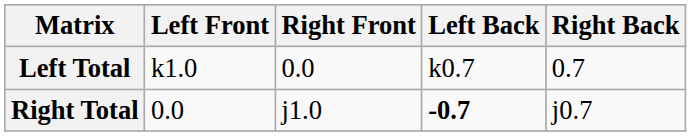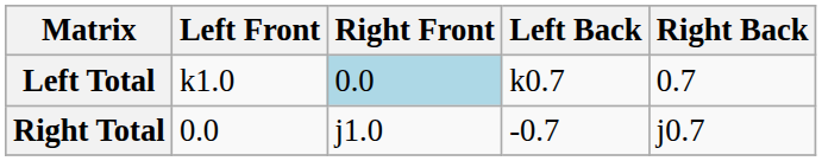 <table class="wikitable">
 <tr>
 <th>Matrix</th>
 <th>Left Front</th>
 <th>Right Front</th>
 <th>Left Back</th>
 <th>Right Back</th>
 </tr>
 <tr>
 <th>Left Total</th>
 <td>k1.0</td>
-<td>0.0</td>
+<td style="background: lightblue;">0.0</td>
 <td>k0.7</td>
 <td>0.7</td>
 </tr>
 <tr>
 <th>Right Total</th>
 <td>0.0</td>
 <td>j1.0</td>
-<td><strong>-0.7</strong></td>
+<td>-0.7</td>
 <td>j0.7</td>
 </tr>
 </table>
